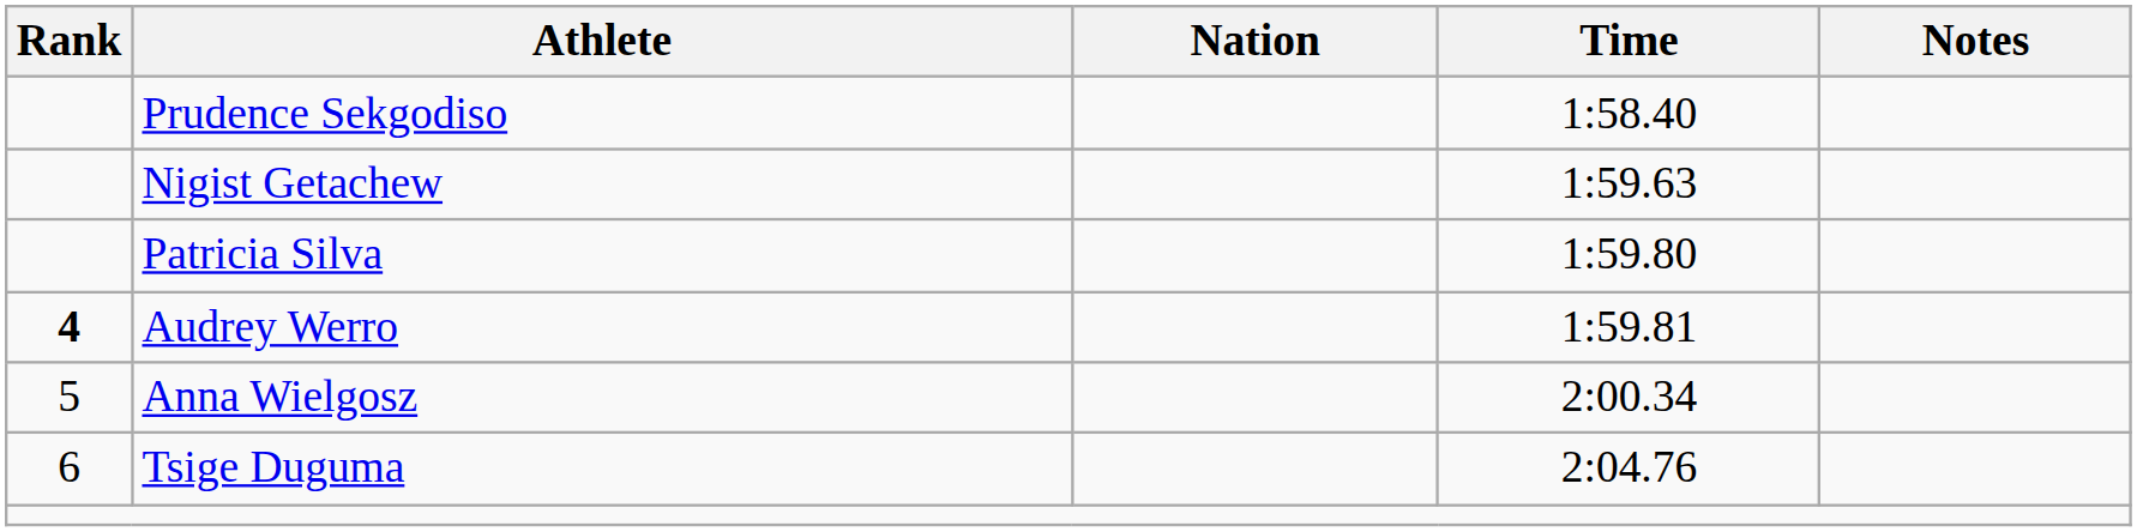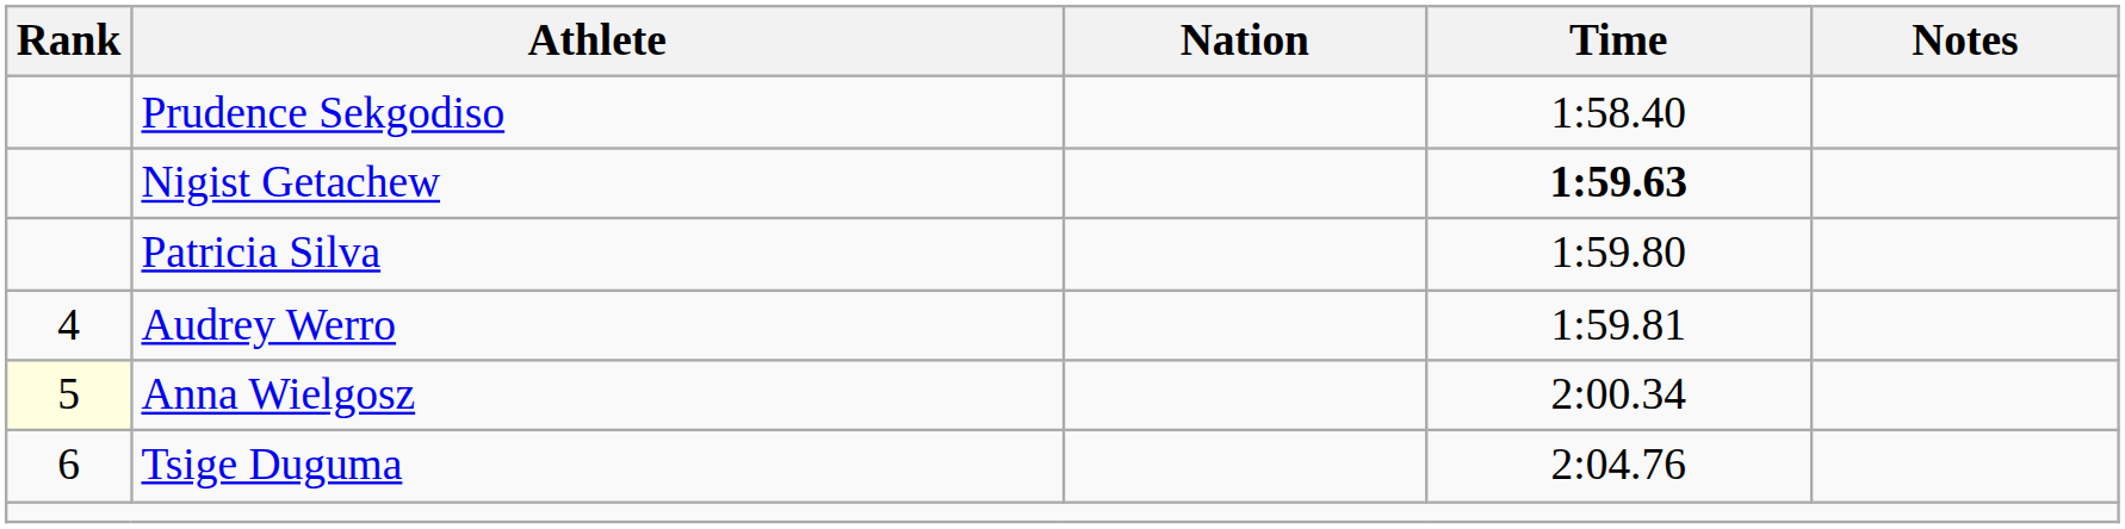 <table class="wikitable sortable" style="text-align:center;width: 60%;">
 <tr>
 <th scope="col" style="width: 10px;">Rank</th>
 <th scope="col">Athlete</th>
 <th scope="col">Nation</th>
 <th scope="col">Time</th>
 <th scope="col">Notes</th>
 </tr>
 <tr>
 <td></td>
 <td align=left><a href='#'>Prudence Sekgodiso</a></td>
 <td align=left></td>
 <td>1:58.40</td>
 <td></td>
 </tr>
 <tr>
 <td></td>
 <td align=left><a href='#'>Nigist Getachew</a></td>
 <td align=left></td>
-<td>1:59.63</td>
+<td><strong>1:59.63</strong></td>
 <td></td>
 </tr>
 <tr>
 <td></td>
 <td align=left><a href='#'>Patricia Silva</a></td>
 <td align=left></td>
 <td>1:59.80</td>
 <td></td>
 </tr>
 <tr>
-<td><strong>4</strong></td>
+<td>4</td>
 <td align=left><a href='#'>Audrey Werro</a></td>
 <td align=left></td>
 <td>1:59.81</td>
 <td></td>
 </tr>
 <tr>
-<td>5</td>
+<td style="background: lightyellow;">5</td>
 <td align=left><a href='#'>Anna Wielgosz</a></td>
 <td align=left></td>
 <td>2:00.34</td>
 <td></td>
 </tr>
 <tr>
 <td>6</td>
 <td align=left><a href='#'>Tsige Duguma</a></td>
 <td align=left></td>
 <td>2:04.76</td>
 <td></td>
 </tr>
 <tr class="sortbottom">
 <td colspan="5"></td>
 </tr>
 </table>
